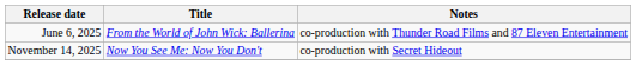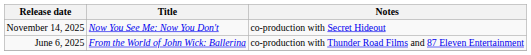 <table class="wikitable sortable">
 <tr>
 <th>Release date</th>
 <th>Title</th>
 <th>Notes</th>
 </tr>
 <tr>
+<td style="text-align:right">November 14, 2025</td>
+<td><em><a href='#'>Now You See Me: Now You Don't</a></em></td>
+<td>co-production with <a href='#'>Secret Hideout</a></td>
+</tr>
+<tr>
 <td style="text-align:right">June 6, 2025</td>
 <td><em><a href='#'>From the World of John Wick: Ballerina</a></em></td>
 <td>co-production with <a href='#'>Thunder Road Films</a> and <a href='#'>87 Eleven Entertainment</a></td>
 </tr>
 <tr>
-<td style="text-align:right">November 14, 2025</td>
-<td><em><a href='#'>Now You See Me: Now You Don't</a></em></td>
-<td>co-production with <a href='#'>Secret Hideout</a></td>
-</tr>
-<tr>
 </tr>
 </table>
